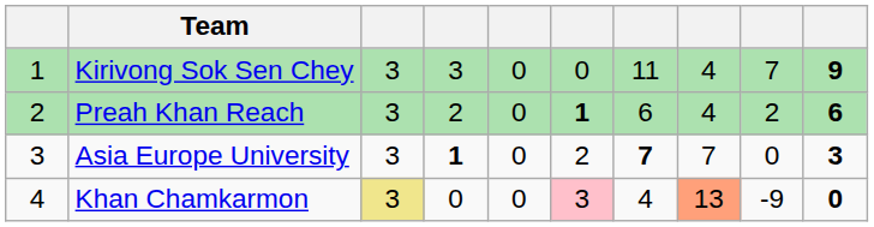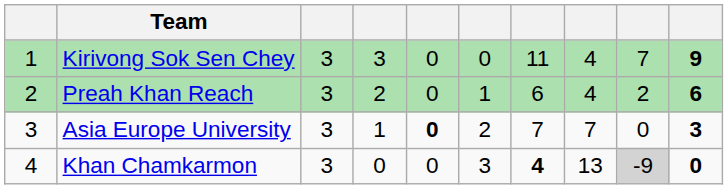 <table class="wikitable" style="text-align: center;">
 <tr>
 <th width=30></th>
 <th width=165>Team</th>
 <th width=30></th>
 <th width=30></th>
 <th width=30></th>
 <th width=30></th>
 <th width=30></th>
 <th width=30></th>
 <th width=30></th>
 <th width=30></th>
 </tr>
 <tr bgcolor=#ACE1AF>
 <td>1</td>
 <td align=left><a href='#'>Kirivong Sok Sen Chey</a></td>
 <td>3</td>
 <td>3</td>
 <td>0</td>
 <td>0</td>
 <td>11</td>
 <td>4</td>
 <td>7</td>
 <td><strong>9</strong></td>
 </tr>
 <tr bgcolor=#ACE1AF>
 <td>2</td>
 <td align=left><a href='#'>Preah Khan Reach</a></td>
 <td>3</td>
 <td>2</td>
 <td>0</td>
-<td><strong>1</strong></td>
+<td>1</td>
 <td>6</td>
 <td>4</td>
 <td>2</td>
 <td><strong>6</strong></td>
 </tr>
 <tr>
 <td>3</td>
 <td align=left><a href='#'>Asia Europe University</a></td>
 <td>3</td>
-<td><strong>1</strong></td>
-<td>0</td>
+<td>1</td>
+<td><strong>0</strong></td>
 <td>2</td>
-<td><strong>7</strong></td>
+<td>7</td>
 <td>7</td>
 <td>0</td>
 <td><strong>3</strong></td>
 </tr>
 <tr>
 <td>4</td>
 <td align=left><a href='#'>Khan Chamkarmon</a></td>
-<td style="background: khaki;">3</td>
+<td>3</td>
 <td>0</td>
 <td>0</td>
-<td style="background: pink;">3</td>
-<td>4</td>
-<td style="background: lightsalmon;">13</td>
-<td>-9</td>
+<td>3</td>
+<td><strong>4</strong></td>
+<td>13</td>
+<td style="background: lightgrey;">-9</td>
 <td><strong>0</strong></td>
 </tr>
 </table>
